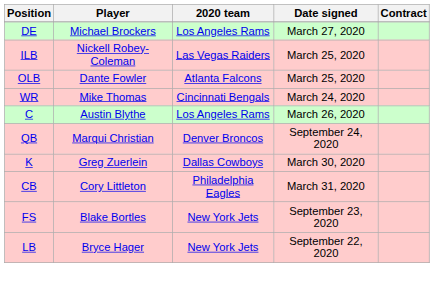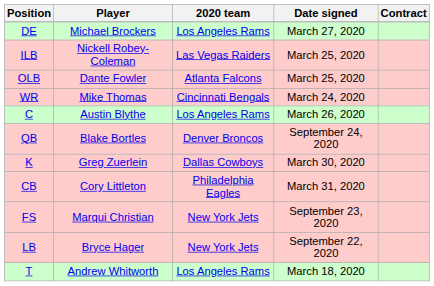 <table class="wikitable" style="text-align:center">
 <tr>
 <th>Position</th>
 <th>Player</th>
 <th>2020 team</th>
 <th>Date signed</th>
 <th>Contract</th>
 </tr>
 <tr>
 </tr>
 <tr style="background:#cfc">
 <td><a href='#'>DE</a></td>
 <td><a href='#'>Michael Brockers</a></td>
 <td><a href='#'>Los Angeles Rams</a></td>
 <td>March 27, 2020</td>
 <td></td>
 </tr>
 <tr style="background:#fcc">
 <td><a href='#'>ILB</a></td>
 <td><a href='#'>Nickell Robey-Coleman</a></td>
 <td><a href='#'>Las Vegas Raiders</a></td>
 <td>March 25, 2020</td>
 <td></td>
 </tr>
 <tr style="background:#fcc">
 <td><a href='#'>OLB</a></td>
 <td><a href='#'>Dante Fowler</a></td>
 <td><a href='#'>Atlanta Falcons</a></td>
 <td>March 25, 2020</td>
 <td></td>
 </tr>
 <tr style="background:#fcc">
 <td><a href='#'>WR</a></td>
 <td><a href='#'>Mike Thomas</a></td>
 <td><a href='#'>Cincinnati Bengals</a></td>
 <td>March 24, 2020</td>
 <td></td>
 </tr>
 <tr style="background:#cfc">
 <td><a href='#'>C</a></td>
 <td><a href='#'>Austin Blythe</a></td>
 <td><a href='#'>Los Angeles Rams</a></td>
 <td>March 26, 2020</td>
 <td></td>
 </tr>
 <tr style="background:#fcc">
 <td><a href='#'>QB</a></td>
-<td><a href='#'>Marqui Christian</a></td>
+<td><a href='#'>Blake Bortles</a></td>
 <td><a href='#'>Denver Broncos</a></td>
 <td>September 24, 2020</td>
 <td></td>
 </tr>
 <tr style="background:#fcc">
 <td><a href='#'>K</a></td>
 <td><a href='#'>Greg Zuerlein</a></td>
 <td><a href='#'>Dallas Cowboys</a></td>
 <td>March 30, 2020</td>
 <td></td>
 </tr>
 <tr style="background:#fcc">
 <td><a href='#'>CB</a></td>
 <td><a href='#'>Cory Littleton</a></td>
 <td><a href='#'>Philadelphia Eagles</a></td>
 <td>March 31, 2020</td>
 <td></td>
 </tr>
 <tr style="background:#fcc">
 <td><a href='#'>FS</a></td>
-<td><a href='#'>Blake Bortles</a></td>
+<td><a href='#'>Marqui Christian</a></td>
 <td><a href='#'>New York Jets</a></td>
 <td>September 23, 2020</td>
 <td></td>
 </tr>
 <tr style="background:#fcc">
 <td><a href='#'>LB</a></td>
 <td><a href='#'>Bryce Hager</a></td>
 <td><a href='#'>New York Jets</a></td>
 <td>September 22, 2020</td>
 <td></td>
 </tr>
+<tr style="background:#cfc">
+<td><a href='#'>T</a></td>
+<td><a href='#'>Andrew Whitworth</a></td>
+<td><a href='#'>Los Angeles Rams</a></td>
+<td>March 18, 2020</td>
+<td></td>
+</tr>
 </table>
